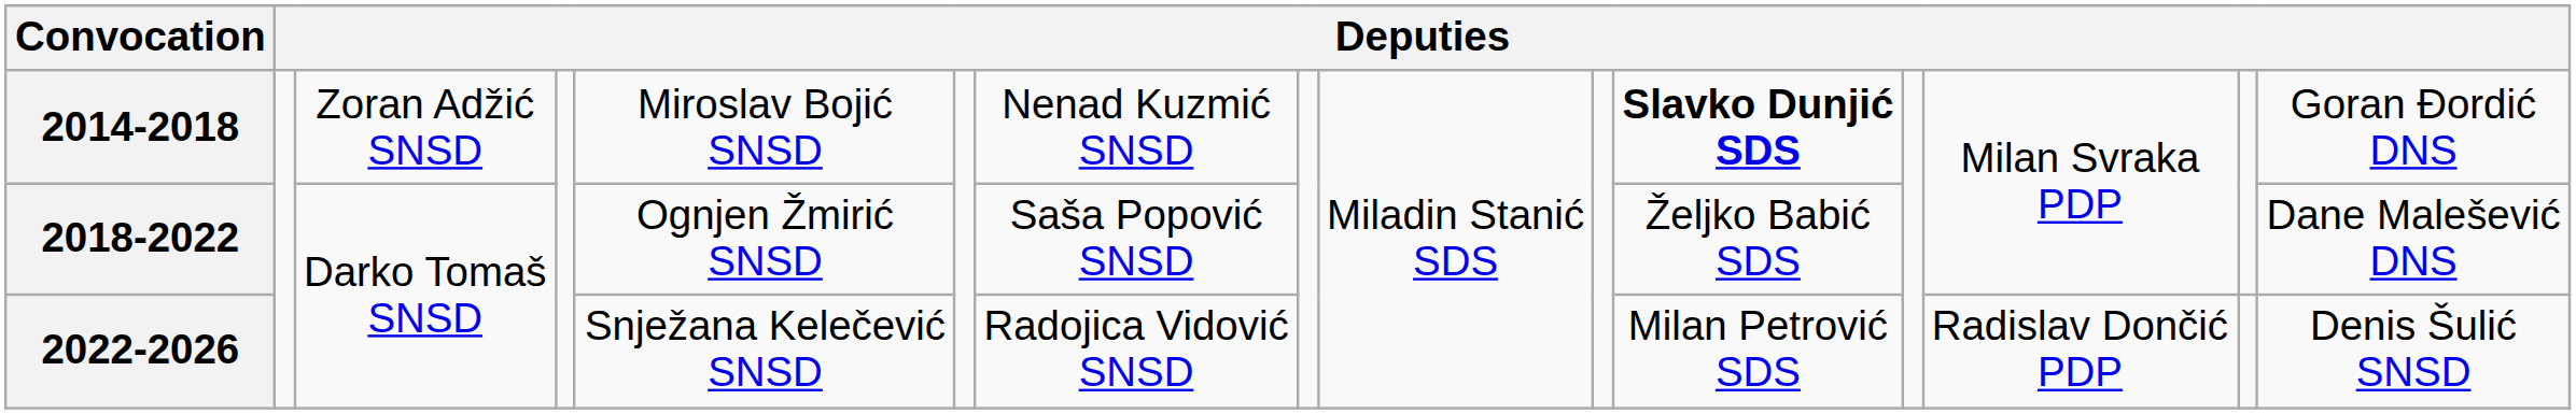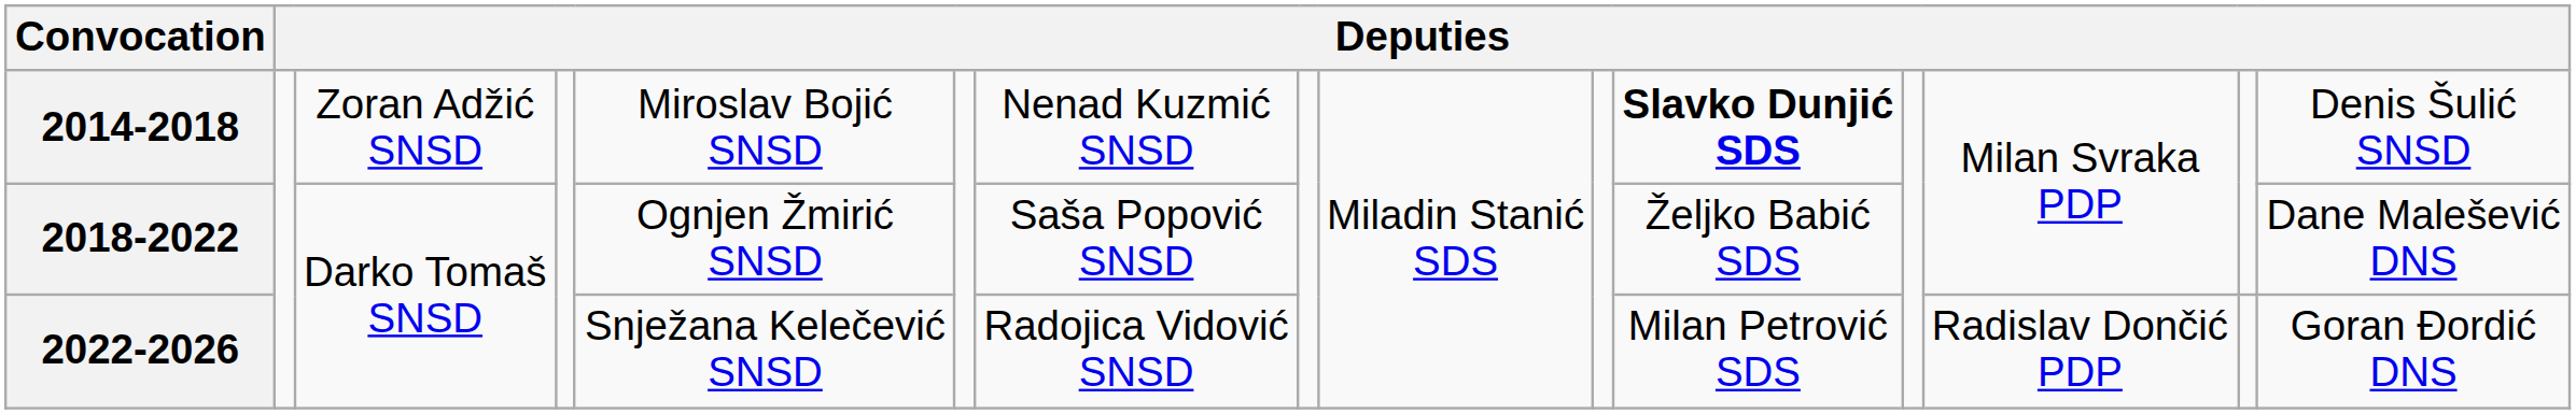 <table class="wikitable" style="text-align:center">
 <tr>
 <th>Convocation</th>
 <th colspan=14>Deputies</th>
 </tr>
 <tr>
 <th>2014-2018</th>
 <td rowspan=3; style="background-color: "></td>
 <td>Zoran Adžić<br><a href='#'>SNSD</a></td>
 <td rowspan=3; style="background-color: "></td>
 <td>Miroslav Bojić<br><a href='#'>SNSD</a></td>
 <td rowspan=3; style="background-color: "></td>
 <td>Nenad Kuzmić<br><a href='#'>SNSD</a></td>
 <td rowspan=3; style="background-color: "></td>
 <td rowspan=3>Miladin Stanić<br><a href='#'>SDS</a></td>
 <td rowspan=3; style="background-color: "></td>
 <td><strong>Slavko Dunjić<br><a href='#'>SDS</a></strong></td>
 <td rowspan=3; style="background-color: "></td>
 <td rowspan=2>Milan Svraka<br><a href='#'>PDP</a></td>
 <td rowspan=2; style="background-color: "></td>
-<td>Goran Đordić<br><a href='#'>DNS</a></td>
+<td>Denis Šulić<br><a href='#'>SNSD</a></td>
 </tr>
 <tr>
 <th>2018-2022</th>
 <td rowspan=2>Darko Tomaš<br><a href='#'>SNSD</a></td>
 <td>Ognjen Žmirić<br><a href='#'>SNSD</a></td>
 <td>Saša Popović<br><a href='#'>SNSD</a></td>
 <td>Željko Babić<br><a href='#'>SDS</a></td>
 <td>Dane Malešević<br><a href='#'>DNS</a></td>
 </tr>
 <tr>
 <th>2022-2026</th>
 <td>Snježana Kelečević<br><a href='#'>SNSD</a></td>
 <td>Radojica Vidović<br><a href='#'>SNSD</a></td>
 <td>Milan Petrović<br><a href='#'>SDS</a></td>
 <td rowspan=1>Radislav Dončić<br><a href='#'>PDP</a></td>
 <td rowspan=1; style="background-color: "></td>
-<td>Denis Šulić<br><a href='#'>SNSD</a></td>
+<td>Goran Đordić<br><a href='#'>DNS</a></td>
 </tr>
 </table>
